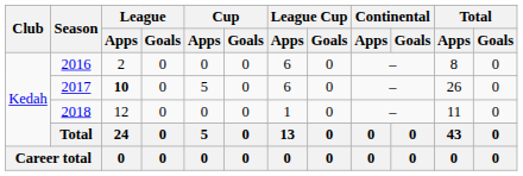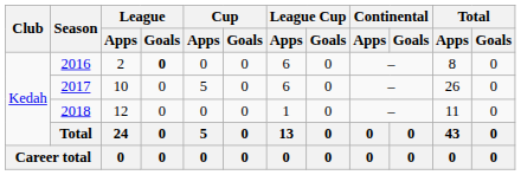 <table class="wikitable" style="text-align: center;">
 <tr>
 <th rowspan="2">Club</th>
 <th rowspan="2">Season</th>
 <th colspan="2">League</th>
 <th colspan="2">Cup</th>
 <th colspan="2">League Cup</th>
 <th colspan="2">Continental</th>
 <th colspan="2">Total</th>
 </tr>
 <tr>
 <th>Apps</th>
 <th>Goals</th>
 <th>Apps</th>
 <th>Goals</th>
 <th>Apps</th>
 <th>Goals</th>
 <th>Apps</th>
 <th>Goals</th>
 <th>Apps</th>
 <th>Goals</th>
 </tr>
 <tr>
 <td rowspan="4" valign="center"><a href='#'>Kedah</a></td>
 <td><a href='#'>2016</a></td>
 <td>2</td>
-<td>0</td>
+<td><strong>0</strong></td>
 <td>0</td>
 <td>0</td>
 <td>6</td>
 <td>0</td>
 <td colspan="2">–</td>
 <td>8</td>
 <td>0</td>
 </tr>
 <tr>
 <td><a href='#'>2017</a></td>
-<td><strong>10</strong></td>
+<td>10</td>
 <td>0</td>
 <td>5</td>
 <td>0</td>
 <td>6</td>
 <td>0</td>
 <td colspan="2">–</td>
 <td>26</td>
 <td>0</td>
 </tr>
 <tr>
 <td><a href='#'>2018</a></td>
 <td>12</td>
 <td>0</td>
 <td>0</td>
 <td>0</td>
 <td>1</td>
 <td>0</td>
 <td colspan="2">–</td>
 <td>11</td>
 <td>0</td>
 </tr>
 <tr>
 <th>Total</th>
 <th>24</th>
 <th>0</th>
 <th>5</th>
 <th>0</th>
 <th>13</th>
 <th>0</th>
 <th>0</th>
 <th>0</th>
 <th>43</th>
 <th>0</th>
 </tr>
 <tr>
 <th colspan=2>Career total</th>
 <th>0</th>
 <th>0</th>
 <th>0</th>
 <th>0</th>
 <th>0</th>
 <th>0</th>
 <th>0</th>
 <th>0</th>
 <th>0</th>
 <th>0</th>
 </tr>
 </table>
